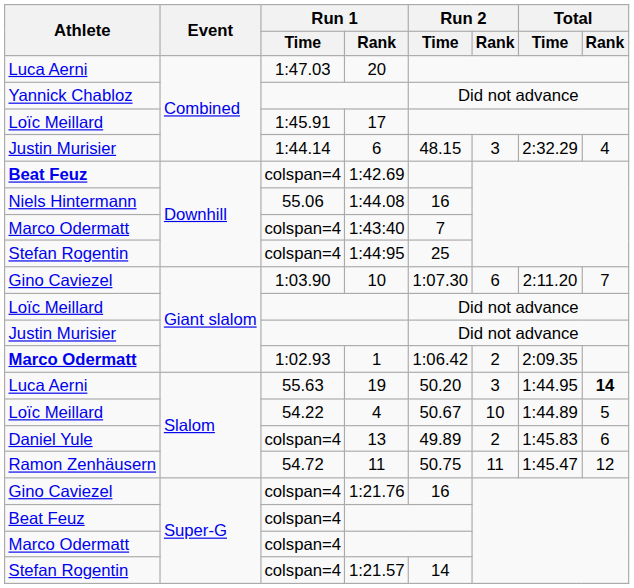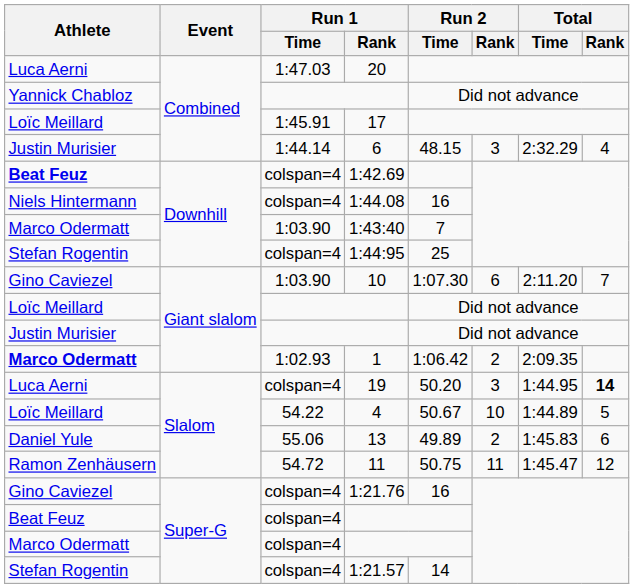 <table class=wikitable style=font-size:90%;text-align:center>
 <tr>
 <th rowspan=2>Athlete</th>
 <th rowspan=2>Event</th>
 <th colspan=2>Run 1</th>
 <th colspan=2>Run 2</th>
 <th colspan=2>Total</th>
 </tr>
 <tr style=font-size:95%>
 <th>Time</th>
 <th>Rank</th>
 <th>Time</th>
 <th>Rank</th>
 <th>Time</th>
 <th>Rank</th>
 </tr>
 <tr>
 <td align=left><a href='#'>Luca Aerni</a></td>
 <td align=left rowspan=4><a href='#'>Combined</a></td>
 <td>1:47.03</td>
 <td>20</td>
 <td colspan=4></td>
 </tr>
 <tr>
 <td align=left><a href='#'>Yannick Chabloz</a></td>
 <td colspan=2></td>
 <td colspan=4>Did not advance</td>
 </tr>
 <tr>
 <td align=left><a href='#'>Loïc Meillard</a></td>
 <td>1:45.91</td>
 <td>17</td>
 <td colspan=4></td>
 </tr>
 <tr>
 <td align=left><a href='#'>Justin Murisier</a></td>
 <td>1:44.14</td>
 <td>6</td>
 <td>48.15</td>
 <td>3</td>
 <td>2:32.29</td>
 <td>4</td>
 </tr>
 <tr>
 <td align=left><strong><a href='#'>Beat Feuz</a></strong></td>
 <td align=left rowspan=4><a href='#'>Downhill</a></td>
 <td>colspan=4 </td>
 <td>1:42.69</td>
 <td></td>
 </tr>
 <tr>
 <td align=left><a href='#'>Niels Hintermann</a></td>
-<td>55.06</td>
+<td>colspan=4 </td>
 <td>1:44.08</td>
 <td>16</td>
 </tr>
 <tr>
 <td align=left><a href='#'>Marco Odermatt</a></td>
-<td>colspan=4 </td>
+<td>1:03.90</td>
 <td>1:43:40</td>
 <td>7</td>
 </tr>
 <tr>
 <td align=left><a href='#'>Stefan Rogentin</a></td>
 <td>colspan=4 </td>
 <td>1:44:95</td>
 <td>25</td>
 </tr>
 <tr>
 <td align=left><a href='#'>Gino Caviezel</a></td>
 <td align=left rowspan=4><a href='#'>Giant slalom</a></td>
 <td>1:03.90</td>
 <td>10</td>
 <td>1:07.30</td>
 <td>6</td>
 <td>2:11.20</td>
 <td>7</td>
 </tr>
 <tr>
 <td align=left><a href='#'>Loïc Meillard</a></td>
 <td colspan=2></td>
 <td colspan=4>Did not advance</td>
 </tr>
 <tr>
 <td align=left><a href='#'>Justin Murisier</a></td>
 <td colspan=2></td>
 <td colspan=4>Did not advance</td>
 </tr>
 <tr>
 <td align=left><strong><a href='#'>Marco Odermatt</a></strong></td>
 <td>1:02.93</td>
 <td>1</td>
 <td>1:06.42</td>
 <td>2</td>
 <td>2:09.35</td>
 <td></td>
 </tr>
 <tr>
 <td align=left><a href='#'>Luca Aerni</a></td>
 <td align=left rowspan=4><a href='#'>Slalom</a></td>
-<td>55.63</td>
+<td>colspan=4 </td>
 <td>19</td>
 <td>50.20</td>
 <td>3</td>
 <td>1:44.95</td>
 <td><strong>14</strong></td>
 </tr>
 <tr>
 <td align=left><a href='#'>Loïc Meillard</a></td>
 <td>54.22</td>
 <td>4</td>
 <td>50.67</td>
 <td>10</td>
 <td>1:44.89</td>
 <td>5</td>
 </tr>
 <tr>
 <td align=left><a href='#'>Daniel Yule</a></td>
-<td>colspan=4 </td>
+<td>55.06</td>
 <td>13</td>
 <td>49.89</td>
 <td>2</td>
 <td>1:45.83</td>
 <td>6</td>
 </tr>
 <tr>
 <td align=left><a href='#'>Ramon Zenhäusern</a></td>
 <td>54.72</td>
 <td>11</td>
 <td>50.75</td>
 <td>11</td>
 <td>1:45.47</td>
 <td>12</td>
 </tr>
 <tr>
 <td align=left><a href='#'>Gino Caviezel</a></td>
 <td align=left rowspan=4><a href='#'>Super-G</a></td>
 <td>colspan=4 </td>
 <td>1:21.76</td>
 <td>16</td>
 </tr>
 <tr>
 <td align=left><a href='#'>Beat Feuz</a></td>
 <td>colspan=4 </td>
 <td colspan=2></td>
 </tr>
 <tr>
 <td align=left><a href='#'>Marco Odermatt</a></td>
 <td>colspan=4 </td>
 <td colspan=2></td>
 </tr>
 <tr>
 <td align=left><a href='#'>Stefan Rogentin</a></td>
 <td>colspan=4 </td>
 <td>1:21.57</td>
 <td>14</td>
 </tr>
 </table>
